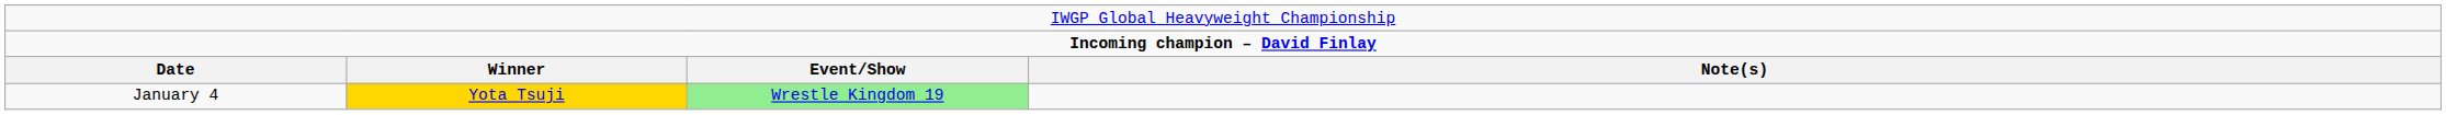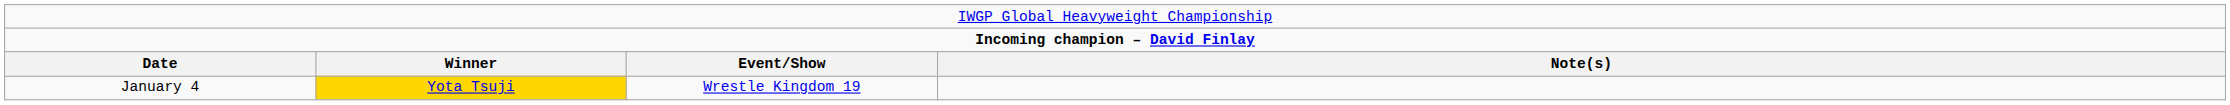 <table class="wikitable" style="text-align:center; width:100%;">
 <tr>
 <td colspan="4" style="text-align: center;"><a href='#'>IWGP Global Heavyweight Championship</a></td>
 </tr>
 <tr>
 <td colspan="4" style="text-align: center;"><strong>Incoming champion – <a href='#'>David Finlay</a></strong></td>
 </tr>
 <tr>
 <th width=14%>Date</th>
 <th width=14%>Winner</th>
 <th width=14%>Event/Show</th>
 <th width=58%>Note(s)</th>
 </tr>
 <tr>
 <td>January 4</td>
 <td style="background: gold;"><a href='#'>Yota Tsuji</a></td>
-<td style="background: lightgreen;"><a href='#'>Wrestle Kingdom 19</a></td>
+<td><a href='#'>Wrestle Kingdom 19</a></td>
 <td></td>
 </tr>
 </table>
